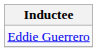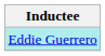 <table class="wikitable">
 <tr>
 <th>Inductee</th>
 </tr>
 <tr>
-<td><a href='#'>Eddie Guerrero</a></td>
+<td style="background: paleturquoise;"><a href='#'>Eddie Guerrero</a></td>
 </tr>
 <tr>
 </tr>
 </table>
